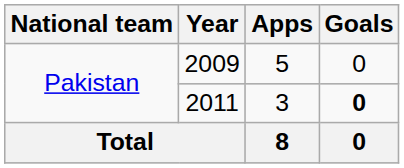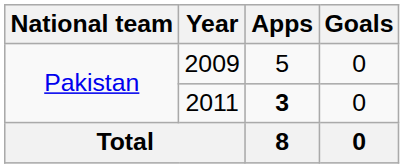 <table class="wikitable" style="text-align:center">
 <tr>
 <th>National team</th>
 <th>Year</th>
 <th>Apps</th>
 <th>Goals</th>
 </tr>
 <tr>
 <td rowspan="2"><a href='#'>Pakistan</a></td>
 <td>2009</td>
 <td>5</td>
 <td>0</td>
 </tr>
 <tr>
 <td>2011</td>
-<td>3</td>
-<td><strong>0</strong></td>
+<td><strong>3</strong></td>
+<td>0</td>
 </tr>
 <tr>
 <th colspan="2">Total</th>
 <th>8</th>
 <th>0</th>
 </tr>
 </table>
